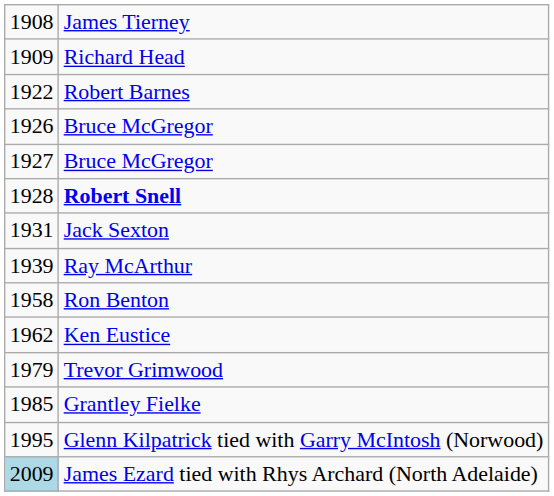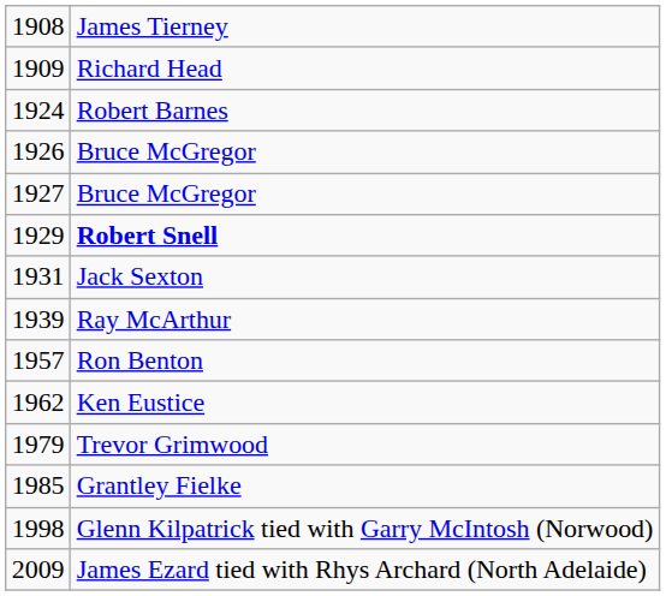 <table class="wikitable">
 <tr>
 <td>1908</td>
 <td><a href='#'>James Tierney</a></td>
 </tr>
 <tr>
 <td>1909</td>
 <td><a href='#'>Richard Head</a></td>
 </tr>
 <tr>
-<td>1922</td>
+<td>1924</td>
 <td><a href='#'>Robert Barnes</a></td>
 </tr>
 <tr>
 <td>1926</td>
 <td><a href='#'>Bruce McGregor</a></td>
 </tr>
 <tr>
 <td>1927</td>
 <td><a href='#'>Bruce McGregor</a></td>
 </tr>
 <tr>
-<td>1928</td>
+<td>1929</td>
 <td><strong><a href='#'>Robert Snell</a></strong></td>
 </tr>
 <tr>
 <td>1931</td>
 <td><a href='#'>Jack Sexton</a></td>
 </tr>
 <tr>
 <td>1939</td>
 <td><a href='#'>Ray McArthur</a></td>
 </tr>
 <tr>
-<td>1958</td>
+<td>1957</td>
 <td><a href='#'>Ron Benton</a></td>
 </tr>
 <tr>
 <td>1962</td>
 <td><a href='#'>Ken Eustice</a></td>
 </tr>
 <tr>
 <td>1979</td>
 <td><a href='#'>Trevor Grimwood</a></td>
 </tr>
 <tr>
 <td>1985</td>
 <td><a href='#'>Grantley Fielke</a></td>
 </tr>
 <tr>
-<td>1995</td>
+<td>1998</td>
 <td><a href='#'>Glenn Kilpatrick</a> tied with <a href='#'>Garry McIntosh</a> (Norwood)</td>
 </tr>
 <tr>
-<td style="background: lightblue;">2009</td>
+<td>2009</td>
 <td><a href='#'>James Ezard</a> tied with Rhys Archard (North Adelaide)</td>
 </tr>
 </table>
